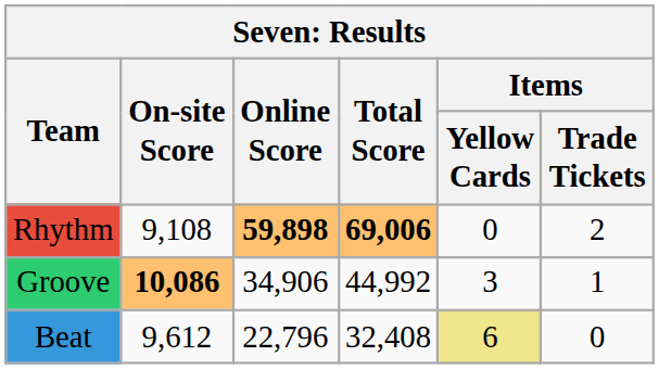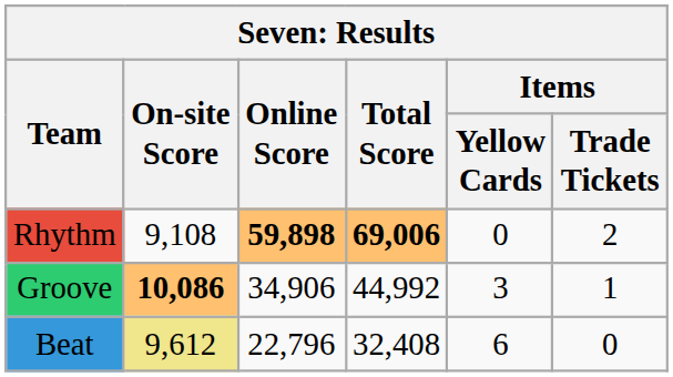 <table class="wikitable sortable" style="text-align:center; font-size: small">
 <tr>
 <th colspan="6">Seven: Results</th>
 </tr>
 <tr>
 <th rowspan="2">Team</th>
 <th rowspan="2">On-site <br>Score</th>
 <th rowspan="2">Online <br>Score</th>
 <th rowspan="2">Total <br>Score</th>
 <th colspan="2">Items</th>
 </tr>
 <tr>
 <th>Yellow <br>Cards</th>
 <th>Trade <br>Tickets</th>
 </tr>
 <tr>
 <td style="background:#e74c3c">Rhythm</td>
 <td>9,108</td>
 <td style="background:#FFC06F"><strong>59,898</strong></td>
 <td style="background:#FFC06F"><strong>69,006</strong></td>
 <td>0</td>
 <td>2</td>
 </tr>
 <tr>
 <td style="background:#2ecc71">Groove</td>
 <td style="background:#FFC06F"><strong>10,086</strong></td>
 <td>34,906</td>
 <td>44,992</td>
 <td>3</td>
 <td>1</td>
 </tr>
 <tr>
 <td style="background:#3498db">Beat</td>
-<td>9,612</td>
+<td style="background: khaki;">9,612</td>
 <td>22,796</td>
 <td>32,408</td>
-<td style="background: khaki;">6</td>
+<td>6</td>
 <td>0</td>
 </tr>
 </table>
